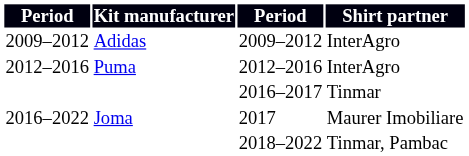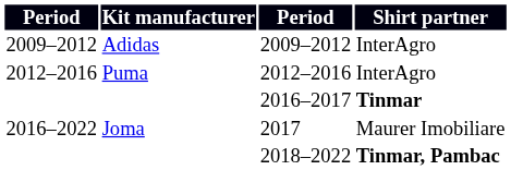 <table class="toccolours">
 <tr>
 <th style="background:#000010;color:#fefefe;">Period</th>
 <th style="background:#000010;color:#fefefe;">Kit manufacturer</th>
 <th style="background:#000010;color:#fefefe;">Period</th>
 <th style="background:#000010;color:#fefefe;">Shirt partner</th>
 </tr>
 <tr>
 <td>2009–2012</td>
 <td rowspan=1> <a href='#'>Adidas</a></td>
 <td>2009–2012</td>
 <td rowspan=1> InterAgro</td>
 </tr>
 <tr>
 <td>2012–2016</td>
 <td rowspan=1> <a href='#'>Puma</a></td>
 <td>2012–2016</td>
 <td rowspan=1> InterAgro</td>
 </tr>
 <tr>
 <td rowspan=3>2016–2022</td>
 <td rowspan=3> <a href='#'>Joma</a></td>
 <td rowspan=1>2016–2017</td>
-<td rowspan=1> Tinmar</td>
+<td rowspan=1><strong> Tinmar</strong></td>
 </tr>
 <tr>
 <td rowspan=1>2017</td>
 <td rowspan=1> Maurer Imobiliare</td>
 </tr>
 <tr>
 <td rowspan=1>2018–2022</td>
-<td rowspan=1> Tinmar, Pambac</td>
+<td rowspan=1><strong> Tinmar, Pambac</strong></td>
 </tr>
 </table>
